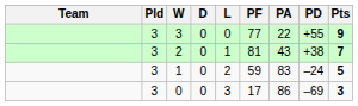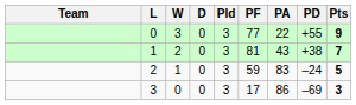 <table class="wikitable" style="text-align:center;">
 <tr>
 <th width=175>Team</th>
-<th width=25 abbr="Played">Pld</th>
+<th width=25 abbr="Lost">L</th>
 <th width=25 abbr="Won">W</th>
 <th width=25 abbr="Drawn">D</th>
-<th width=25 abbr="Lost">L</th>
+<th width=25 abbr="Played">Pld</th>
 <th width=32 abbr="Points for">PF</th>
 <th width=32 abbr="Points against">PA</th>
 <th width=32 abbr="Points difference">PD</th>
 <th width=25 abbr="Points">Pts</th>
 </tr>
 <tr bgcolor=ccffcc>
 <td align=left></td>
-<td>3</td>
+<td>0</td>
 <td>3</td>
 <td>0</td>
-<td>0</td>
+<td>3</td>
 <td>77</td>
 <td>22</td>
 <td>+55</td>
 <td><strong>9</strong></td>
 </tr>
 <tr bgcolor=ccffcc>
 <td align=left></td>
-<td>3</td>
+<td>1</td>
 <td>2</td>
 <td>0</td>
-<td>1</td>
+<td>3</td>
 <td>81</td>
 <td>43</td>
 <td>+38</td>
 <td><strong>7</strong></td>
 </tr>
 <tr>
 <td align=left></td>
-<td>3</td>
+<td>2</td>
 <td>1</td>
 <td>0</td>
-<td>2</td>
+<td>3</td>
 <td>59</td>
 <td>83</td>
 <td>–24</td>
 <td><strong>5</strong></td>
 </tr>
 <tr>
 <td align=left></td>
 <td>3</td>
 <td>0</td>
 <td>0</td>
 <td>3</td>
 <td>17</td>
 <td>86</td>
 <td>–69</td>
 <td><strong>3</strong></td>
 </tr>
 </table>
